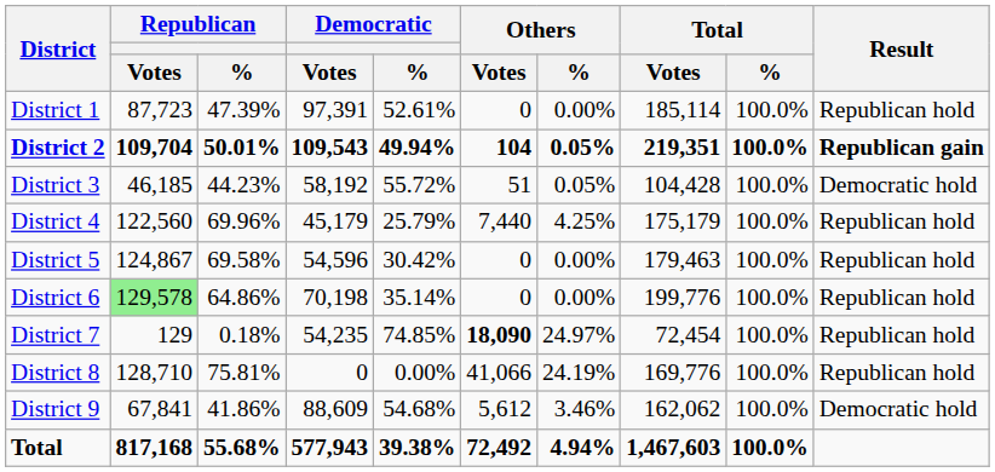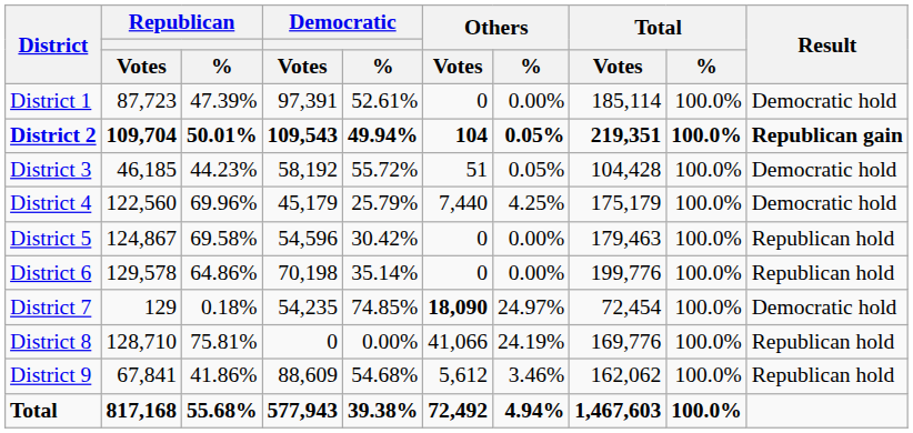 <table class="wikitable plainrowheaders sortable" style="font-size:100%; text-align:right;">
 <tr>
 <th scope=col rowspan=3><a href='#'>District</a></th>
 <th scope=col colspan=2><a href='#'>Republican</a></th>
 <th scope=col colspan=2><a href='#'>Democratic</a></th>
 <th ! scope=col colspan=2 rowspan=2>Others</th>
 <th scope=col colspan=2 rowspan=2>Total</th>
 <th scope=col rowspan=3>Result</th>
 </tr>
 <tr>
 <th scope=col colspan=2 style="background:"></th>
 <th scope=col colspan=2 style="background:"></th>
 </tr>
 <tr>
 <th scope=col data-sort-type="number">Votes</th>
 <th scope=col data-sort-type="number">%</th>
 <th scope=col data-sort-type="number">Votes</th>
 <th scope=col data-sort-type="number">%</th>
 <th scope=col data-sort-type="number">Votes</th>
 <th scope=col data-sort-type="number">%</th>
 <th scope=col data-sort-type="number">Votes</th>
 <th scope=col data-sort-type="number">%</th>
 </tr>
 <tr>
 <td align=left><a href='#'>District 1</a></td>
 <td>87,723</td>
 <td>47.39%</td>
 <td>97,391</td>
 <td>52.61%</td>
 <td>0</td>
 <td>0.00%</td>
 <td>185,114</td>
 <td>100.0%</td>
-<td align=left>Republican hold</td>
+<td align=left>Democratic hold</td>
 </tr>
 <tr>
 <td align=left><strong><a href='#'>District 2</a></strong></td>
 <td><strong>109,704</strong></td>
 <td><strong>50.01%</strong></td>
 <td><strong>109,543</strong></td>
 <td><strong>49.94%</strong></td>
 <td><strong>104</strong></td>
 <td><strong>0.05%</strong></td>
 <td><strong>219,351</strong></td>
 <td><strong>100.0%</strong></td>
 <td align=left><strong>Republican gain</strong></td>
 </tr>
 <tr>
 <td align=left><a href='#'>District 3</a></td>
 <td>46,185</td>
 <td>44.23%</td>
 <td>58,192</td>
 <td>55.72%</td>
 <td>51</td>
 <td>0.05%</td>
 <td>104,428</td>
 <td>100.0%</td>
 <td align=left>Democratic hold</td>
 </tr>
 <tr>
 <td align=left><a href='#'>District 4</a></td>
 <td>122,560</td>
 <td>69.96%</td>
 <td>45,179</td>
 <td>25.79%</td>
 <td>7,440</td>
 <td>4.25%</td>
 <td>175,179</td>
 <td>100.0%</td>
-<td align=left>Republican hold</td>
+<td align=left>Democratic hold</td>
 </tr>
 <tr>
 <td align=left><a href='#'>District 5</a></td>
 <td>124,867</td>
 <td>69.58%</td>
 <td>54,596</td>
 <td>30.42%</td>
 <td>0</td>
 <td>0.00%</td>
 <td>179,463</td>
 <td>100.0%</td>
 <td align=left>Republican hold</td>
 </tr>
 <tr>
 <td align=left><a href='#'>District 6</a></td>
-<td style="background: lightgreen;">129,578</td>
+<td>129,578</td>
 <td>64.86%</td>
 <td>70,198</td>
 <td>35.14%</td>
 <td>0</td>
 <td>0.00%</td>
 <td>199,776</td>
 <td>100.0%</td>
 <td align=left>Republican hold</td>
 </tr>
 <tr>
 <td align=left><a href='#'>District 7</a></td>
 <td>129</td>
 <td>0.18%</td>
 <td>54,235</td>
 <td>74.85%</td>
 <td><strong>18,090</strong></td>
 <td>24.97%</td>
 <td>72,454</td>
 <td>100.0%</td>
-<td align=left>Republican hold</td>
+<td align=left>Democratic hold</td>
 </tr>
 <tr>
 <td align=left><a href='#'>District 8</a></td>
 <td>128,710</td>
 <td>75.81%</td>
 <td>0</td>
 <td>0.00%</td>
 <td>41,066</td>
 <td>24.19%</td>
 <td>169,776</td>
 <td>100.0%</td>
 <td align=left>Republican hold</td>
 </tr>
 <tr>
 <td align=left><a href='#'>District 9</a></td>
 <td>67,841</td>
 <td>41.86%</td>
 <td>88,609</td>
 <td>54.68%</td>
 <td>5,612</td>
 <td>3.46%</td>
 <td>162,062</td>
 <td>100.0%</td>
-<td align=left>Democratic hold</td>
+<td align=left>Republican hold</td>
 </tr>
 <tr class="sortbottom" style="font-weight:bold">
 <td align=left>Total</td>
 <td>817,168</td>
 <td>55.68%</td>
 <td>577,943</td>
 <td>39.38%</td>
 <td>72,492</td>
 <td>4.94%</td>
 <td>1,467,603</td>
 <td>100.0%</td>
 <td></td>
 </tr>
 </table>
